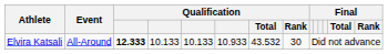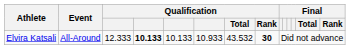 <table class=wikitable style="font-size:90%">
 <tr>
 <th rowspan=2>Athlete</th>
 <th rowspan=2>Event</th>
 <th colspan=6>Qualification</th>
 <th colspan=6>Final</th>
 </tr>
 <tr style="font-size:95%">
 <th></th>
 <th></th>
 <th></th>
 <th></th>
 <th>Total</th>
 <th>Rank</th>
 <th></th>
 <th></th>
 <th></th>
 <th></th>
 <th>Total</th>
 <th>Rank</th>
 </tr>
 <tr align=center>
 <td align=left><a href='#'>Elvira Katsali</a></td>
 <td align=left><a href='#'>All-Around</a></td>
-<td><strong>12.333</strong></td>
-<td>10.133</td>
+<td>12.333</td>
+<td><strong>10.133</strong></td>
 <td>10.133</td>
 <td>10.933</td>
 <td>43.532</td>
-<td>30</td>
+<td><strong>30</strong></td>
 <td colspan=7>Did not advance</td>
 </tr>
 </table>
